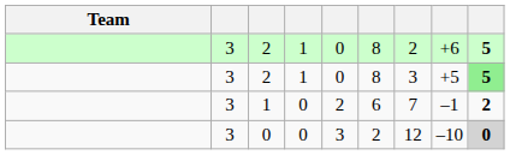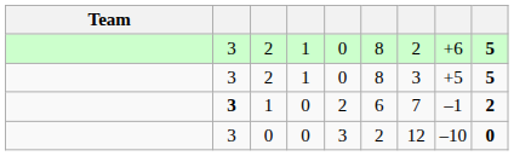 <table class="wikitable" style="text-align:center">
 <tr>
 <th width=175>Team</th>
 <th width=25></th>
 <th width=25></th>
 <th width=25></th>
 <th width=25></th>
 <th width=25></th>
 <th width=25></th>
 <th width=25></th>
 <th width=25></th>
 </tr>
 <tr align=center bgcolor=#ccffcc>
 <td style="text-align:left;"></td>
 <td>3</td>
 <td>2</td>
 <td>1</td>
 <td>0</td>
 <td>8</td>
 <td>2</td>
 <td>+6</td>
 <td><strong>5</strong></td>
 </tr>
 <tr>
 <td style="text-align:left;"></td>
 <td>3</td>
 <td>2</td>
 <td>1</td>
 <td>0</td>
 <td>8</td>
 <td>3</td>
 <td>+5</td>
-<td style="background: lightgreen;"><strong>5</strong></td>
+<td><strong>5</strong></td>
 </tr>
 <tr>
 <td style="text-align:left;"></td>
-<td>3</td>
+<td><strong>3</strong></td>
 <td>1</td>
 <td>0</td>
 <td>2</td>
 <td>6</td>
 <td>7</td>
 <td>–1</td>
 <td><strong>2</strong></td>
 </tr>
 <tr>
 <td style="text-align:left;"></td>
 <td>3</td>
 <td>0</td>
 <td>0</td>
 <td>3</td>
 <td>2</td>
 <td>12</td>
 <td>–10</td>
-<td style="background: lightgrey;"><strong>0</strong></td>
+<td><strong>0</strong></td>
 </tr>
 </table>
